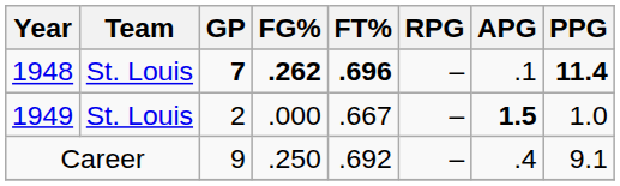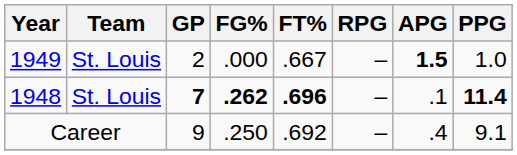 <table class="wikitable sortable" style="font-size:95%; text-align:right;">
 <tr>
 <th>Year</th>
 <th>Team</th>
 <th>GP</th>
 <th>FG%</th>
 <th>FT%</th>
 <th>RPG</th>
 <th>APG</th>
 <th>PPG</th>
 </tr>
 <tr>
+<td style="text-align:left;"><a href='#'>1949</a></td>
+<td style="text-align:left;"><a href='#'>St. Louis</a></td>
+<td>2</td>
+<td>.000</td>
+<td>.667</td>
+<td>–</td>
+<td><strong>1.5</strong></td>
+<td>1.0</td>
+</tr>
+<tr>
 <td style="text-align:left;"><a href='#'>1948</a></td>
 <td style="text-align:left;"><a href='#'>St. Louis</a></td>
 <td><strong>7</strong></td>
 <td><strong>.262</strong></td>
 <td><strong>.696</strong></td>
 <td>–</td>
 <td>.1</td>
 <td><strong>11.4</strong></td>
-</tr>
-<tr>
-<td style="text-align:left;"><a href='#'>1949</a></td>
-<td style="text-align:left;"><a href='#'>St. Louis</a></td>
-<td>2</td>
-<td>.000</td>
-<td>.667</td>
-<td>–</td>
-<td><strong>1.5</strong></td>
-<td>1.0</td>
 </tr>
 <tr>
 <td style="text-align:center;" colspan="2">Career</td>
 <td>9</td>
 <td>.250</td>
 <td>.692</td>
 <td>–</td>
 <td>.4</td>
 <td>9.1</td>
 </tr>
 <tr>
 </tr>
 </table>
